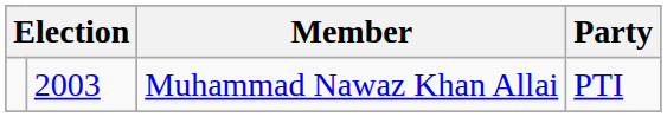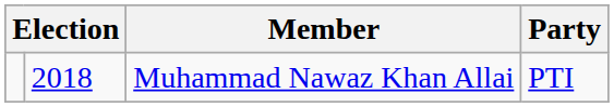 <table class="wikitable">
 <tr>
 <th colspan="2">Election</th>
 <th>Member</th>
 <th>Party</th>
 </tr>
 <tr>
 <td style="background-color: "></td>
-<td><a href='#'>2003</a></td>
+<td><a href='#'>2018</a></td>
 <td><a href='#'>Muhammad Nawaz Khan Allai</a></td>
 <td><a href='#'>PTI</a></td>
 </tr>
 </table>
